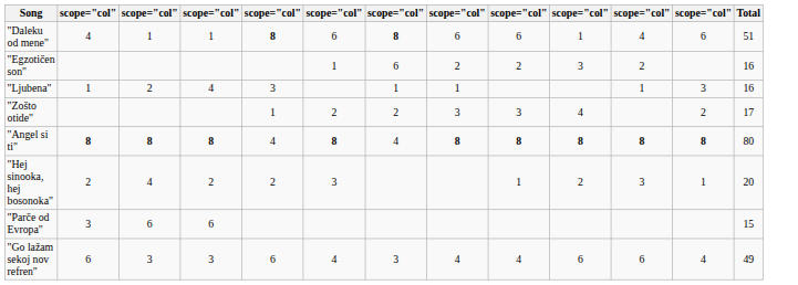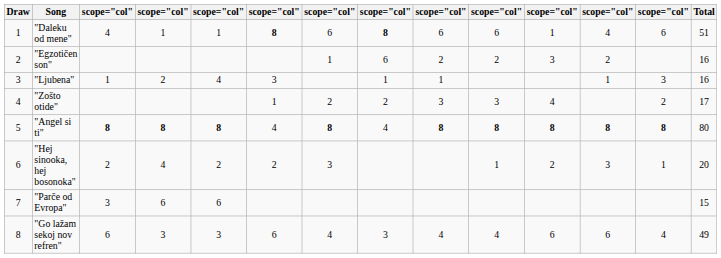 <table class="wikitable plainrowheaders" style="margin: 1em auto 1em auto; text-align:center;">
 <tr>
+<th>Draw</th>
 <th>Song</th>
 <th>scope="col" </th>
 <th>scope="col" </th>
 <th>scope="col" </th>
 <th>scope="col" </th>
 <th>scope="col" </th>
 <th>scope="col" </th>
 <th>scope="col" </th>
 <th>scope="col" </th>
 <th>scope="col" </th>
 <th>scope="col" </th>
 <th>scope="col" </th>
 <th>Total</th>
 </tr>
 <tr>
+<td>1</td>
 <td align="left">"Daleku od mene"</td>
 <td>4</td>
 <td>1</td>
 <td>1</td>
 <td><strong>8</strong></td>
 <td>6</td>
 <td><strong>8</strong></td>
 <td>6</td>
 <td>6</td>
 <td>1</td>
 <td>4</td>
 <td>6</td>
 <td>51</td>
 </tr>
 <tr>
+<td>2</td>
 <td align="left">"Egzotičen son"</td>
 <td></td>
 <td></td>
 <td></td>
 <td></td>
 <td>1</td>
 <td>6</td>
 <td>2</td>
 <td>2</td>
 <td>3</td>
 <td>2</td>
 <td></td>
 <td>16</td>
 </tr>
 <tr>
+<td>3</td>
 <td align="left">"Ljubena"</td>
 <td>1</td>
 <td>2</td>
 <td>4</td>
 <td>3</td>
 <td></td>
 <td>1</td>
 <td>1</td>
 <td></td>
 <td></td>
 <td>1</td>
 <td>3</td>
 <td>16</td>
 </tr>
 <tr>
+<td>4</td>
 <td align="left">"Zošto otide"</td>
 <td></td>
 <td></td>
 <td></td>
 <td>1</td>
 <td>2</td>
 <td>2</td>
 <td>3</td>
 <td>3</td>
 <td>4</td>
 <td></td>
 <td>2</td>
 <td>17</td>
 </tr>
 <tr>
+<td>5</td>
 <td align="left">"Angel si ti"</td>
 <td><strong>8</strong></td>
 <td><strong>8</strong></td>
 <td><strong>8</strong></td>
 <td>4</td>
 <td><strong>8</strong></td>
 <td>4</td>
 <td><strong>8</strong></td>
 <td><strong>8</strong></td>
 <td><strong>8</strong></td>
 <td><strong>8</strong></td>
 <td><strong>8</strong></td>
 <td>80</td>
 </tr>
 <tr>
+<td>6</td>
 <td align="left">"Hej sinooka, hej bosonoka"</td>
 <td>2</td>
 <td>4</td>
 <td>2</td>
 <td>2</td>
 <td>3</td>
 <td></td>
 <td></td>
 <td>1</td>
 <td>2</td>
 <td>3</td>
 <td>1</td>
 <td>20</td>
 </tr>
 <tr>
+<td>7</td>
 <td align="left">"Parče od Evropa"</td>
 <td>3</td>
 <td>6</td>
 <td>6</td>
 <td></td>
 <td></td>
 <td></td>
 <td></td>
 <td></td>
 <td></td>
 <td></td>
 <td></td>
 <td>15</td>
 </tr>
 <tr>
+<td>8</td>
 <td align="left">"Go lažam sekoj nov refren"</td>
 <td>6</td>
 <td>3</td>
 <td>3</td>
 <td>6</td>
 <td>4</td>
 <td>3</td>
 <td>4</td>
 <td>4</td>
 <td>6</td>
 <td>6</td>
 <td>4</td>
 <td>49</td>
 </tr>
 </table>
